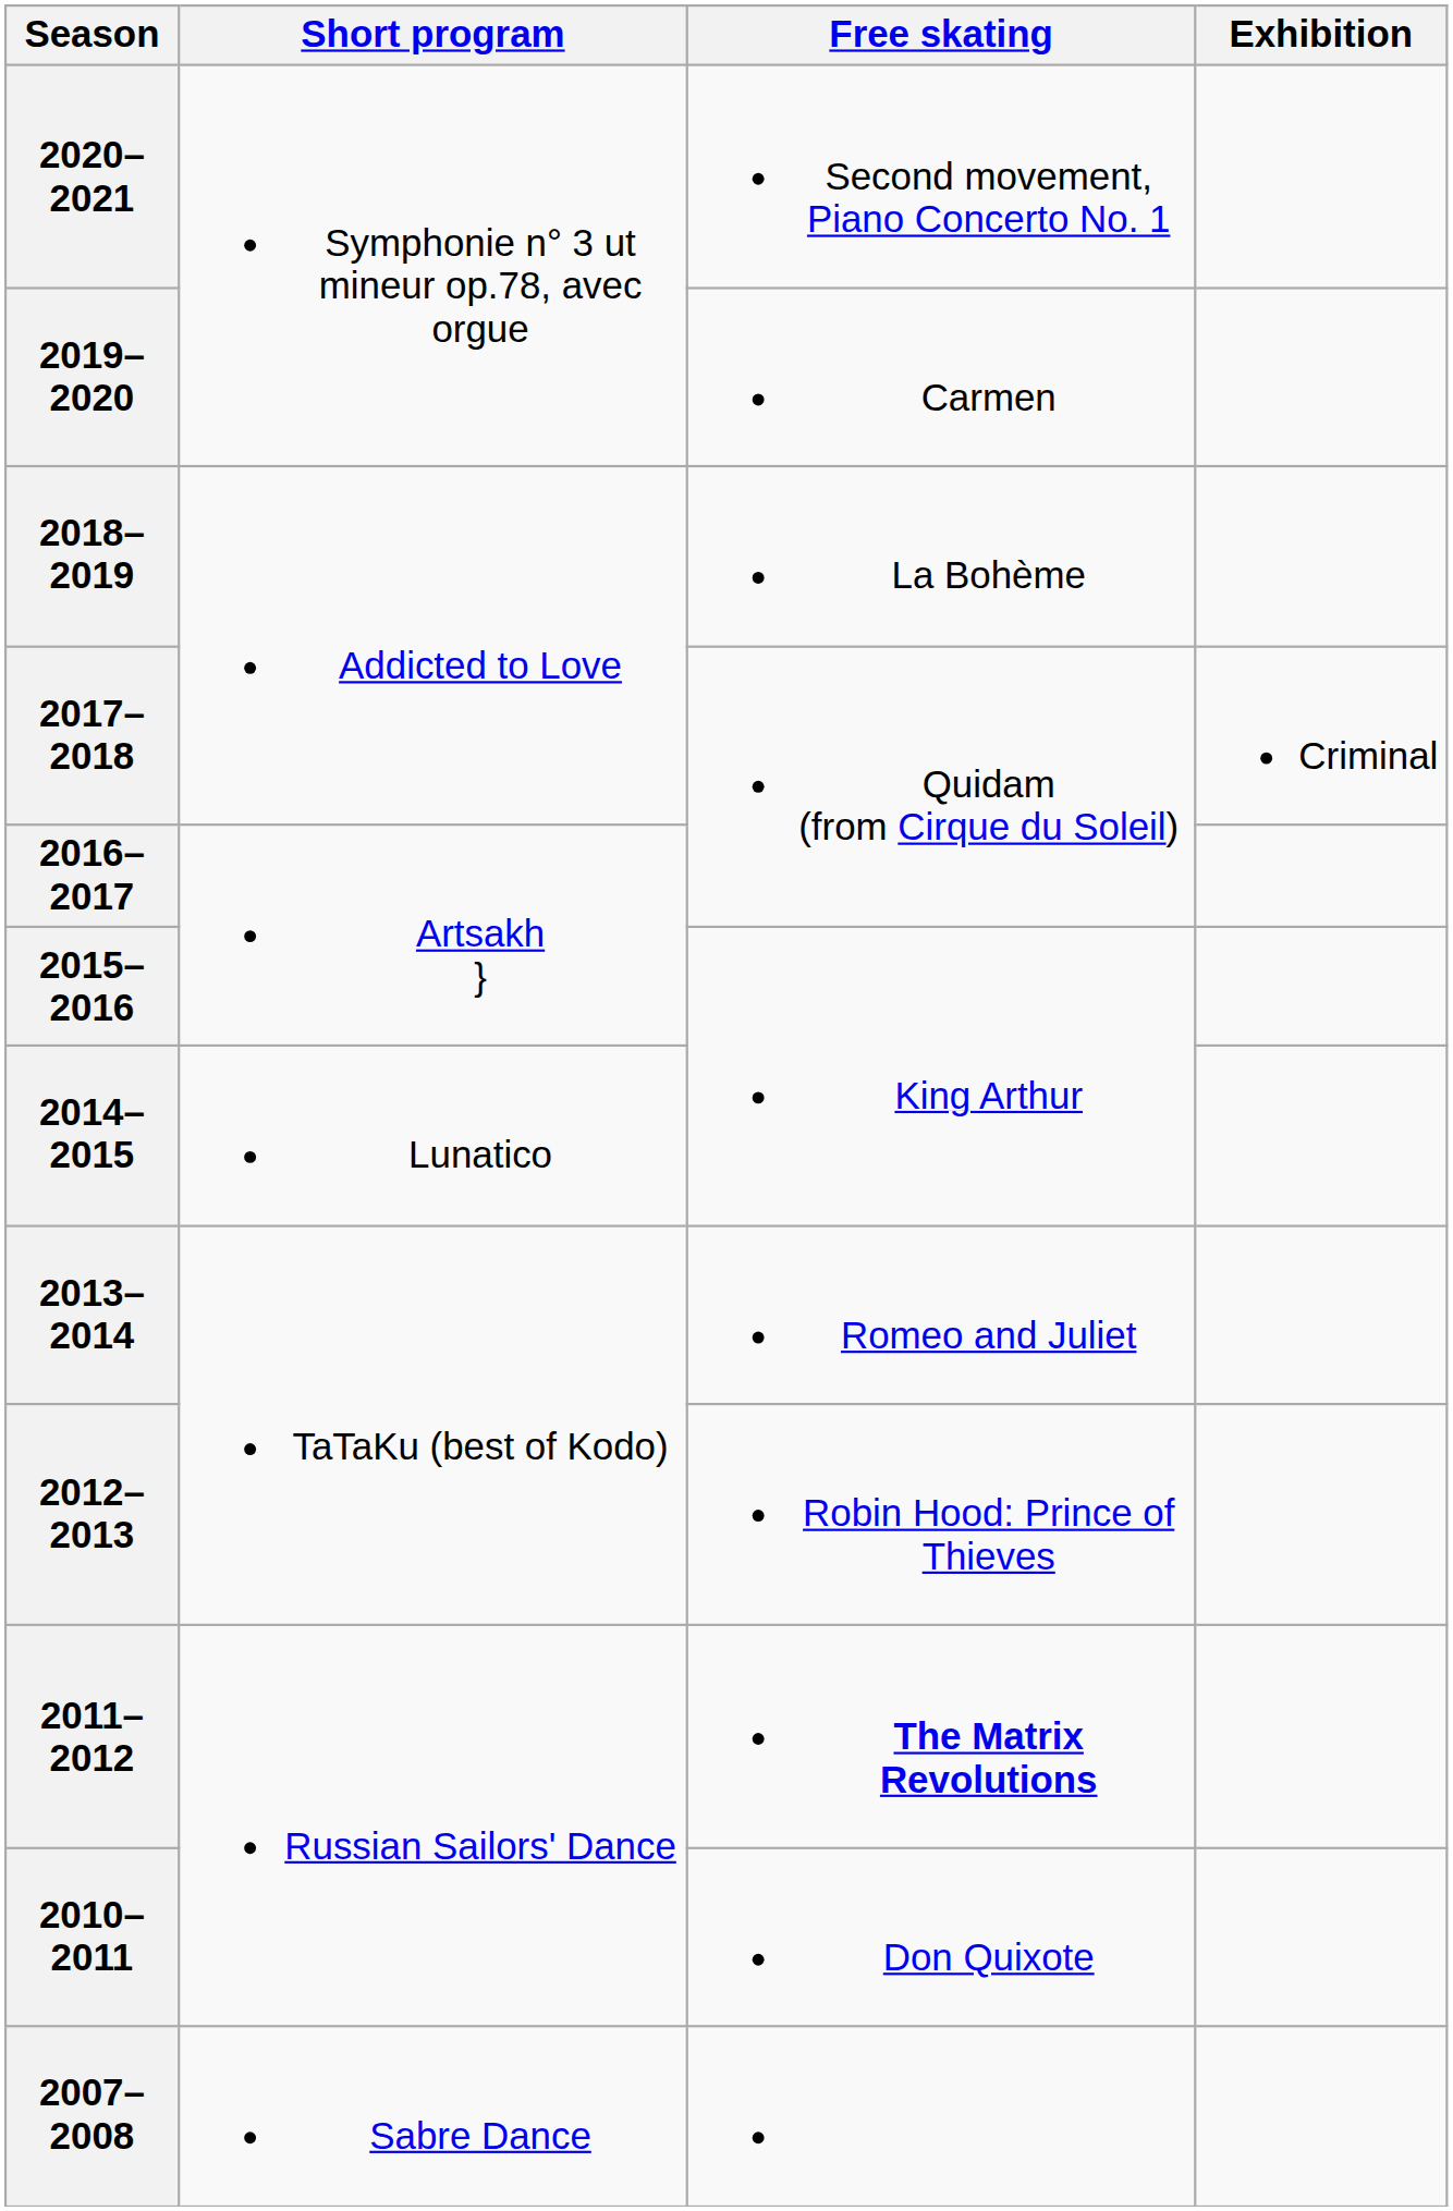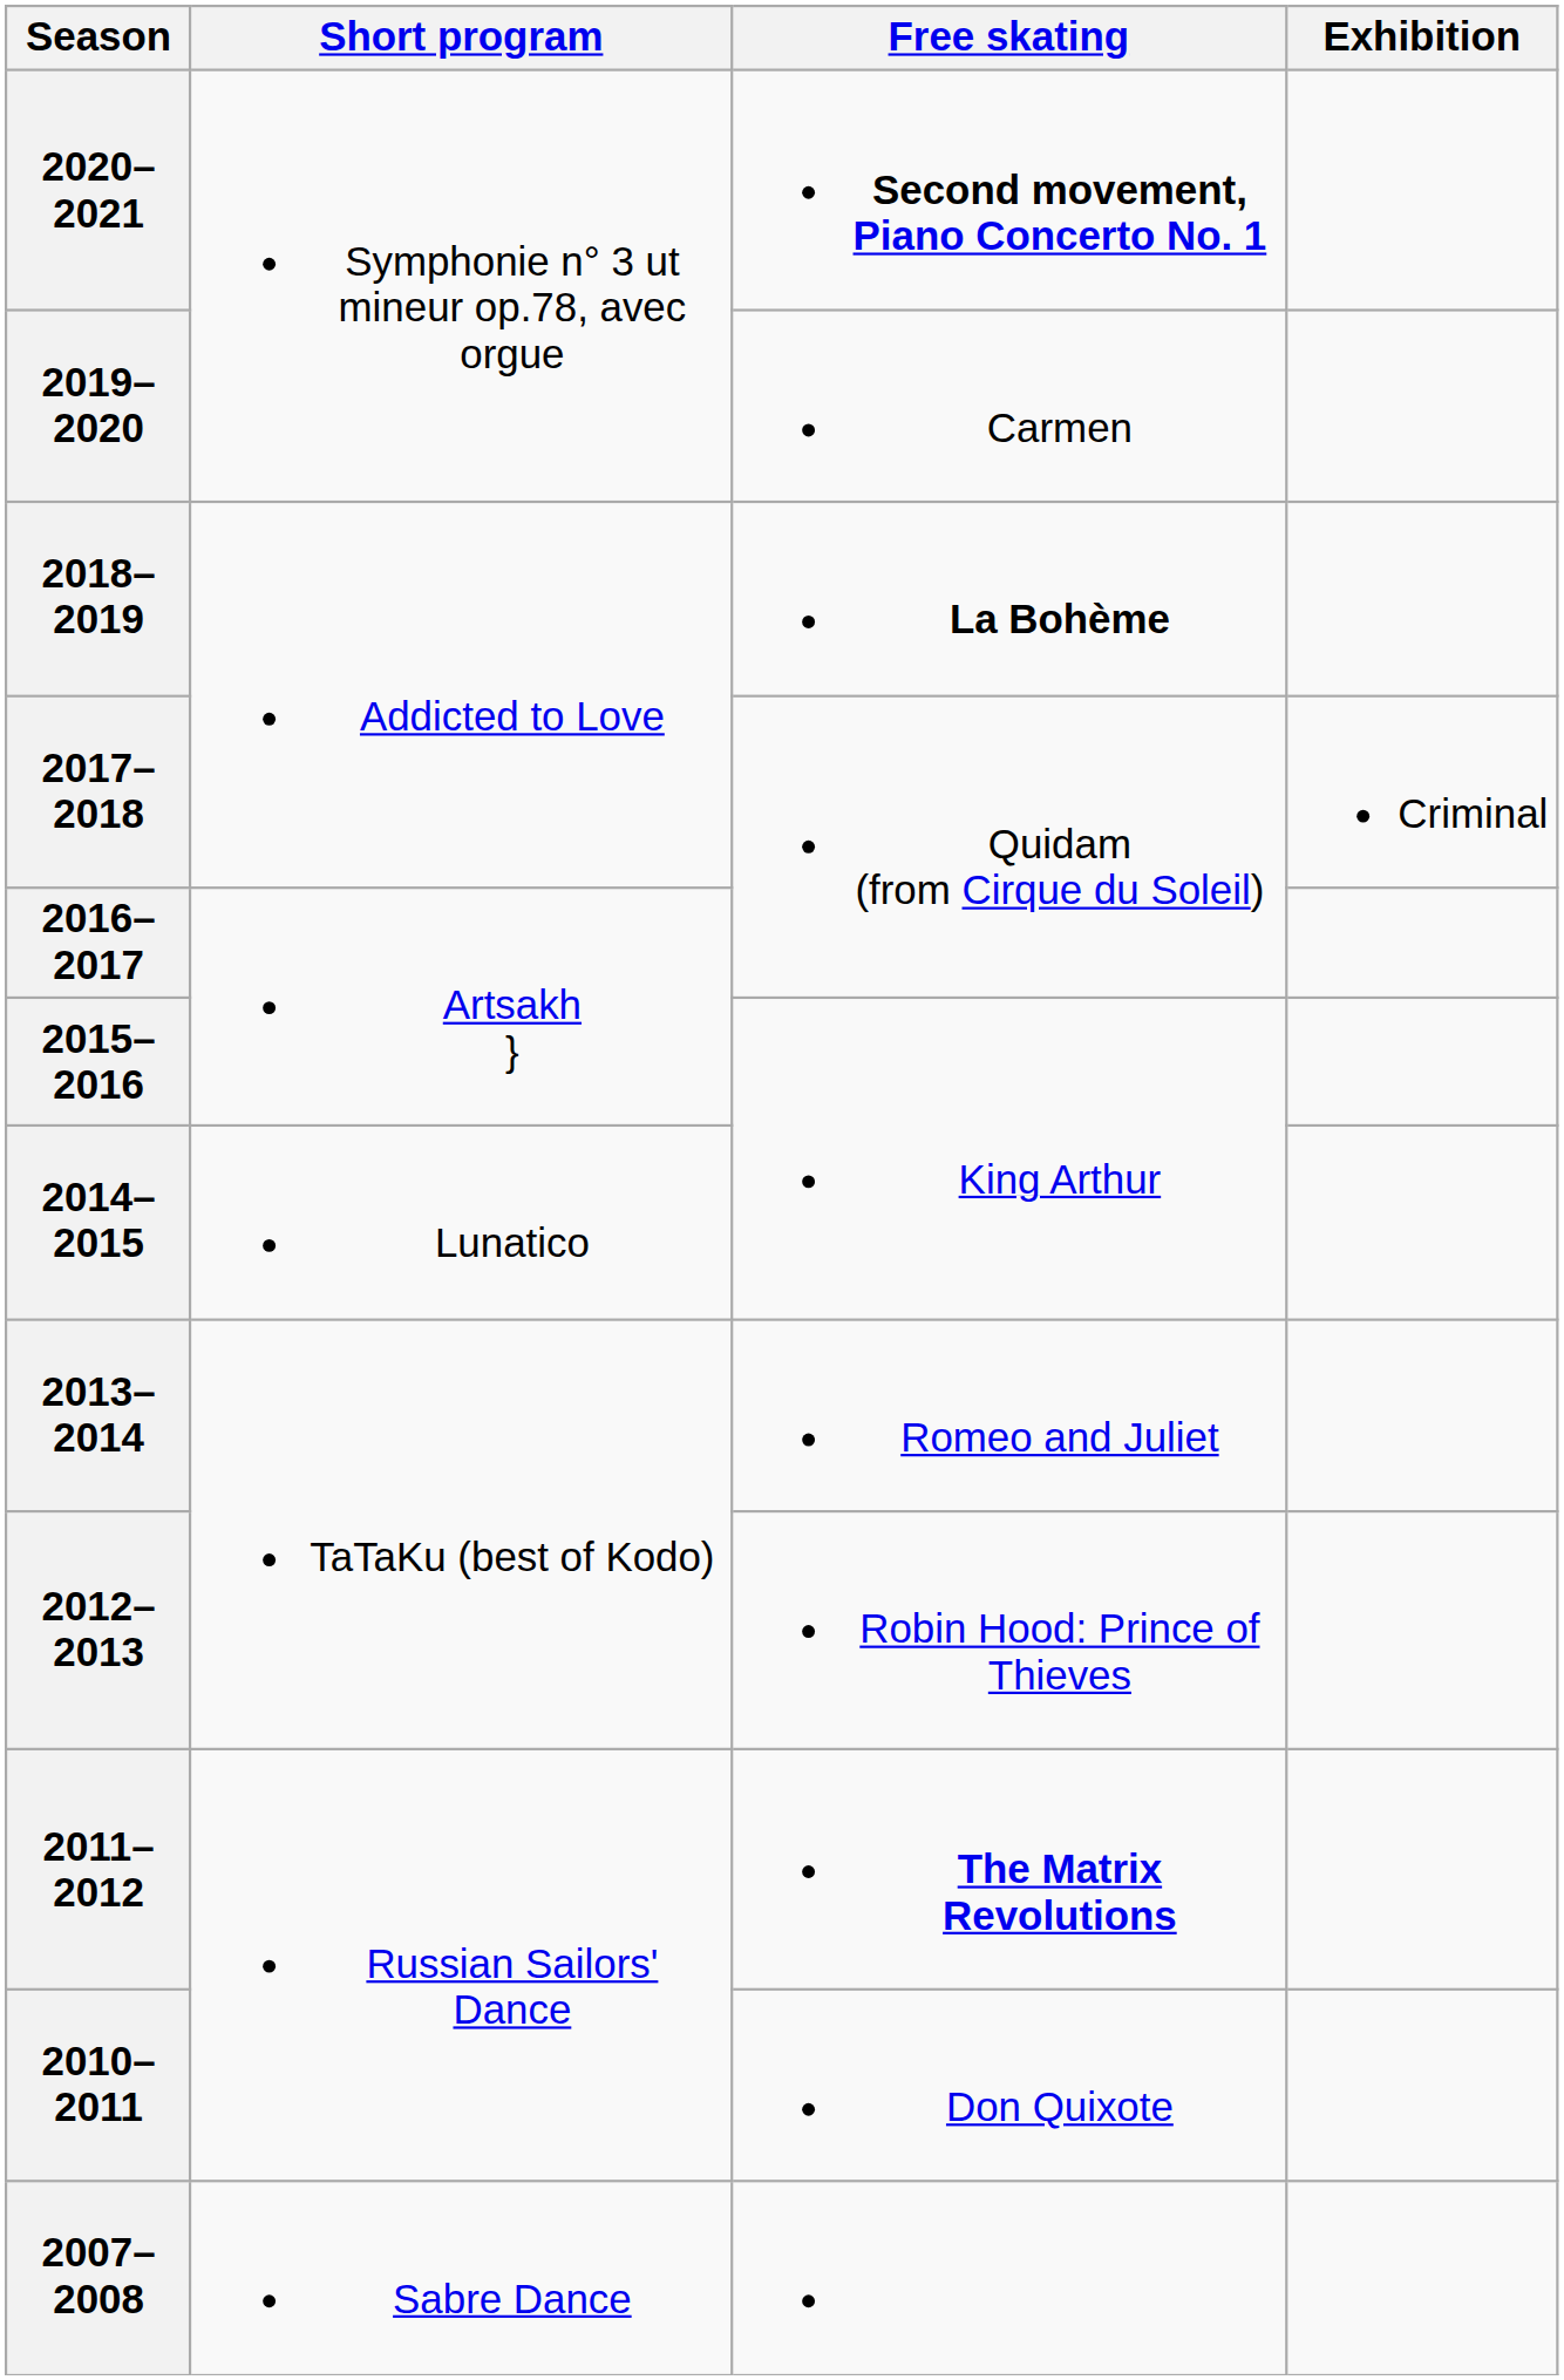 <table class=wikitable style=text-align:center>
 <tr>
 <th>Season</th>
 <th><a href='#'>Short program</a></th>
 <th><a href='#'>Free skating</a></th>
 <th>Exhibition</th>
 </tr>
 <tr>
 <th>2020–2021</th>
 <td rowspan=2><br><ul><li>Symphonie n° 3 ut mineur op.78, avec orgue <br></li></ul></td>
-<td><br><ul><li>Second movement, <a href='#'>Piano Concerto No. 1</a> <br></li></ul></td>
+<td><strong><br><ul><li>Second movement, <a href='#'>Piano Concerto No. 1</a> <br></li></ul></strong></td>
 <td></td>
 </tr>
 <tr>
 <th>2019–2020<br></th>
 <td><br><ul><li>Carmen <br></li></ul></td>
 <td></td>
 </tr>
 <tr>
 <th>2018–2019 <br> </th>
 <td rowspan=2><br><ul><li><a href='#'>Addicted to Love</a><br></li></ul></td>
-<td><br><ul><li>La Bohème<br></li></ul></td>
+<td><strong><br><ul><li>La Bohème<br></li></ul></strong></td>
 <td></td>
 </tr>
 <tr>
 <th>2017–2018</th>
 <td rowspan=2><br><ul><li>Quidam <br>(from <a href='#'>Cirque du Soleil</a>) <br></li></ul></td>
 <td><br><ul><li>Criminal</li></ul></td>
 </tr>
 <tr>
 <th>2016–2017 <br> </th>
 <td rowspan=2><br><ul><li><a href='#'>Artsakh</a> <br>}</li></ul></td>
 <td></td>
 </tr>
 <tr>
 <th>2015–2016 <br> </th>
 <td rowspan=2><br><ul><li><a href='#'>King Arthur</a> <br></li></ul></td>
 <td></td>
 </tr>
 <tr>
 <th>2014–2015 <br> </th>
 <td><br><ul><li>Lunatico <br></li></ul></td>
 <td></td>
 </tr>
 <tr>
 <th>2013–2014 <br> </th>
 <td rowspan=2><br><ul><li>TaTaKu (best of Kodo) <br></li></ul></td>
 <td><br><ul><li><a href='#'>Romeo and Juliet</a> <br></li></ul></td>
 <td></td>
 </tr>
 <tr>
 <th>2012–2013 <br> </th>
 <td><br><ul><li><a href='#'>Robin Hood: Prince of Thieves</a> <br></li></ul></td>
 <td></td>
 </tr>
 <tr>
 <th>2011–2012 <br> </th>
 <td rowspan=2><br><ul><li><a href='#'>Russian Sailors' Dance</a> <br></li></ul></td>
 <td><strong><br><ul><li><a href='#'>The Matrix Revolutions</a> <br></li></ul></strong></td>
 <td></td>
 </tr>
 <tr>
 <th>2010–2011 <br> </th>
 <td><br><ul><li><a href='#'>Don Quixote</a> <br></li></ul></td>
 <td></td>
 </tr>
 <tr>
 <th>2007–2008</th>
 <td><br><ul><li><a href='#'>Sabre Dance</a> <br></li></ul></td>
 <td><br><ul><li></li></ul></td>
 <td></td>
 </tr>
 </table>
